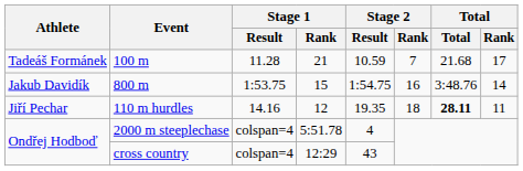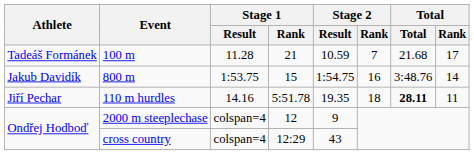 <table class="wikitable" style="font-size:90%">
 <tr>
 <th rowspan=2>Athlete</th>
 <th rowspan=2>Event</th>
 <th colspan=2>Stage 1</th>
 <th colspan=2>Stage 2</th>
 <th colspan=2>Total</th>
 </tr>
 <tr style="font-size:95%">
 <th>Result</th>
 <th>Rank</th>
 <th>Result</th>
 <th>Rank</th>
 <th>Total</th>
 <th>Rank</th>
 </tr>
 <tr align=center>
 <td align=left><a href='#'>Tadeáš Formánek</a></td>
 <td align=left><a href='#'>100 m</a></td>
 <td>11.28</td>
 <td>21</td>
 <td>10.59</td>
 <td>7</td>
 <td>21.68</td>
 <td>17</td>
 </tr>
 <tr align=center>
 <td align=left><a href='#'>Jakub Davidík</a></td>
 <td align=left><a href='#'>800 m</a></td>
 <td>1:53.75</td>
 <td>15</td>
 <td>1:54.75</td>
 <td>16</td>
 <td>3:48.76</td>
 <td>14</td>
 </tr>
 <tr align=center>
 <td align=left><a href='#'>Jiří Pechar</a></td>
 <td align=left><a href='#'>110 m hurdles</a></td>
 <td>14.16</td>
-<td>12</td>
+<td>5:51.78</td>
 <td>19.35</td>
 <td>18</td>
 <td><strong>28.11</strong></td>
 <td>11</td>
 </tr>
 <tr align=center>
 <td align=left rowspan=2><a href='#'>Ondřej Hodboď</a></td>
 <td align=left><a href='#'>2000 m steeplechase</a></td>
 <td>colspan=4</td>
-<td>5:51.78</td>
-<td>4</td>
+<td>12</td>
+<td>9</td>
 </tr>
 <tr align=center>
 <td align=left><a href='#'>cross country</a></td>
 <td>colspan=4</td>
 <td>12:29</td>
 <td>43</td>
 </tr>
 </table>
